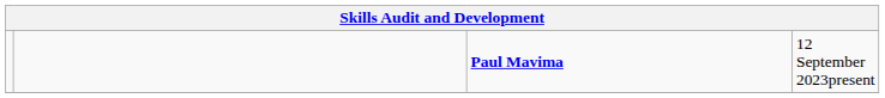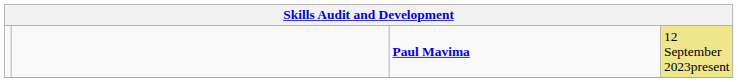 <table class="wikitable">
 <tr>
 <th colspan="4"><a href='#'>Skills Audit and Development</a></th>
 </tr>
 <tr>
 <td style="width: 1px; background: "></td>
 <td style="width: 450px;"></td>
 <td style="width: 320px;"> <strong><a href='#'>Paul Mavima</a></strong></td>
-<td>12 September 2023present</td>
+<td style="background: khaki;">12 September 2023present</td>
 </tr>
 <tr>
 </tr>
 </table>
